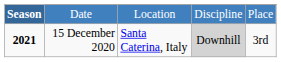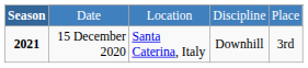 <table class="wikitable" style="font-size:95%; text-align:center; border:grey solid 1px; border-collapse:collapse;" width="40%">
 <tr style="background-color:#369; color:white;">
 <td rowspan="2" colspan="1" width="5%"><strong>Season</strong></td>
 </tr>
 <tr style="background-color:#4180be; color:white;">
 <td>Date</td>
 <td>Location</td>
 <td>Discipline</td>
 <td>Place</td>
 </tr>
 <tr>
 <td><strong>2021</strong></td>
 <td align=right>15 December 2020</td>
 <td align=left> <a href='#'>Santa Caterina</a>, Italy</td>
-<td style="background: lightgrey;">Downhill</td>
+<td>Downhill</td>
 <td>3rd</td>
 </tr>
 </table>
